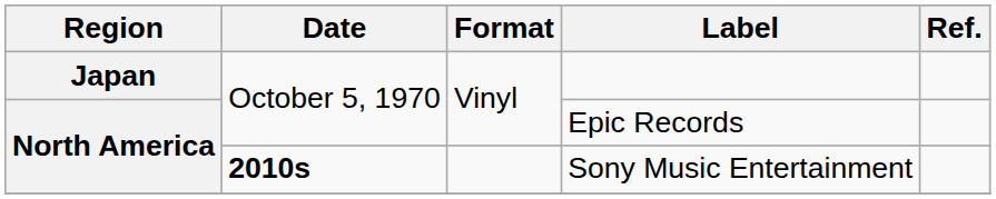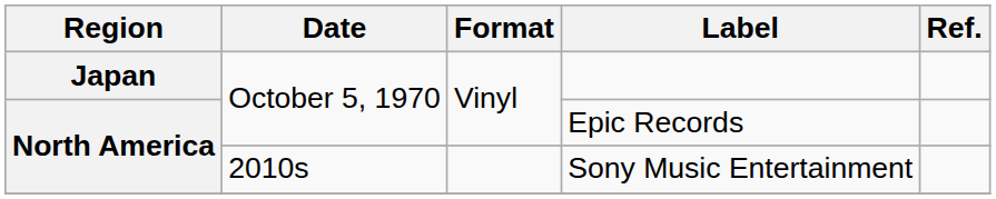 <table class="wikitable plainrowheaders">
 <tr>
 <th scope="col">Region</th>
 <th scope="col">Date</th>
 <th scope="col">Format</th>
 <th scope="col">Label</th>
 <th scope="col">Ref.</th>
 </tr>
 <tr>
 <th scope="row">Japan</th>
 <td rowspan="2">October 5, 1970</td>
 <td rowspan="2">Vinyl</td>
 <td></td>
 <td></td>
 </tr>
 <tr>
 <th scope="row" rowspan="2">North America</th>
 <td>Epic Records</td>
 <td></td>
 </tr>
 <tr>
-<td><strong>2010s</strong></td>
+<td>2010s</td>
 <td></td>
 <td>Sony Music Entertainment</td>
 <td></td>
 </tr>
 <tr>
 </tr>
 </table>
